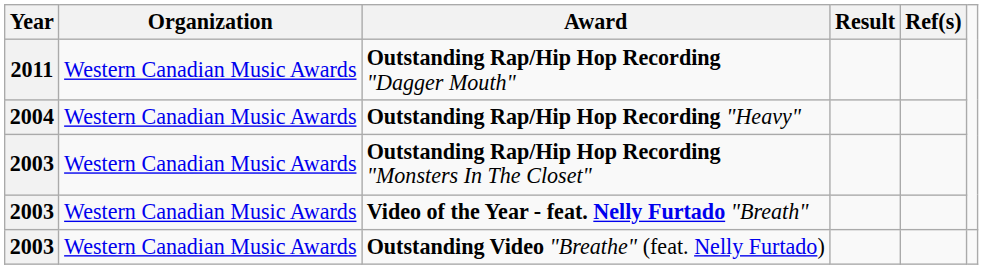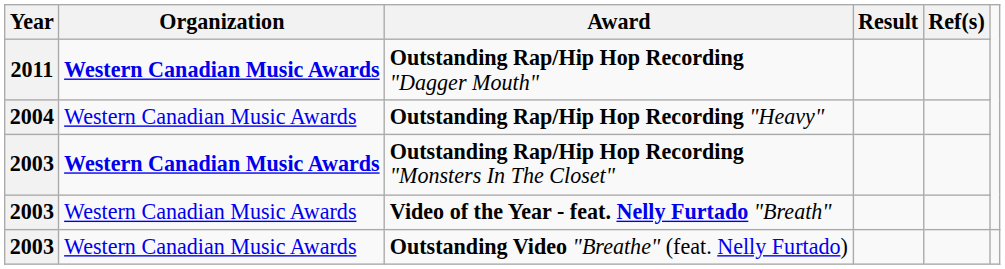 <table class="wikitable plainrowheaders">
 <tr align=center>
 <th scope="col">Year</th>
 <th scope="col">Organization</th>
 <th scope="col">Award</th>
 <th scope="col">Result</th>
 <th scope="col">Ref(s)</th>
 </tr>
 <tr>
 <th scope="row">2011</th>
-<td><a href='#'>Western Canadian Music Awards</a></td>
+<td><strong><a href='#'>Western Canadian Music Awards</a></strong></td>
 <td><strong>Outstanding Rap/Hip Hop Recording</strong><br><em>"Dagger Mouth"</em></td>
 <td></td>
 <td style="text-align:center;"></td>
 </tr>
 <tr>
 <th scope="row">2004</th>
 <td><a href='#'>Western Canadian Music Awards</a></td>
 <td><strong>Outstanding Rap/Hip Hop Recording</strong> <em>"Heavy"</em></td>
 <td></td>
 <td style="text-align:center;"></td>
 </tr>
 <tr>
 <th scope="row">2003</th>
-<td><a href='#'>Western Canadian Music Awards</a></td>
+<td><strong><a href='#'>Western Canadian Music Awards</a></strong></td>
 <td><strong>Outstanding Rap/Hip Hop Recording</strong><br><em>"Monsters In The Closet"</em></td>
 <td></td>
 <td style="text-align:center;"></td>
 </tr>
 <tr>
 <th scope="row">2003</th>
 <td><a href='#'>Western Canadian Music Awards</a></td>
 <td><strong>Video of the Year - feat. <a href='#'>Nelly Furtado</a></strong> <em>"Breath"</em></td>
 <td></td>
 <td style="text-align:center;"></td>
 </tr>
 <tr>
 <th scope="row" rowspan="6">2003</th>
 <td rowspan="6"><a href='#'>Western Canadian Music Awards</a></td>
 <td><strong>Outstanding Video</strong> <em>"Breathe"</em> (feat. <a href='#'>Nelly Furtado</a>)</td>
 <td></td>
 <td style="text-align:center;" rowspan="6"></td>
 <td></td>
 </tr>
 </table>
